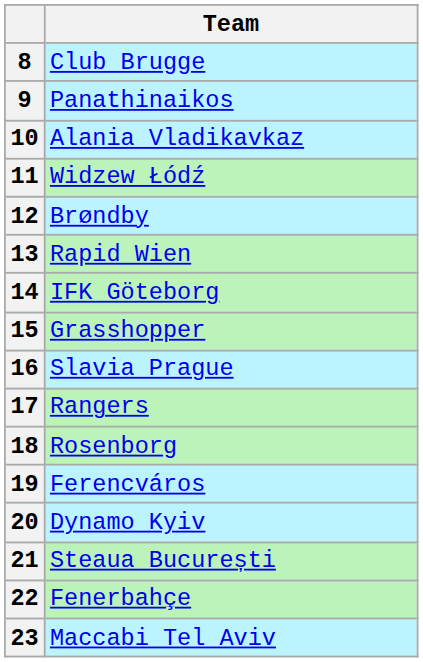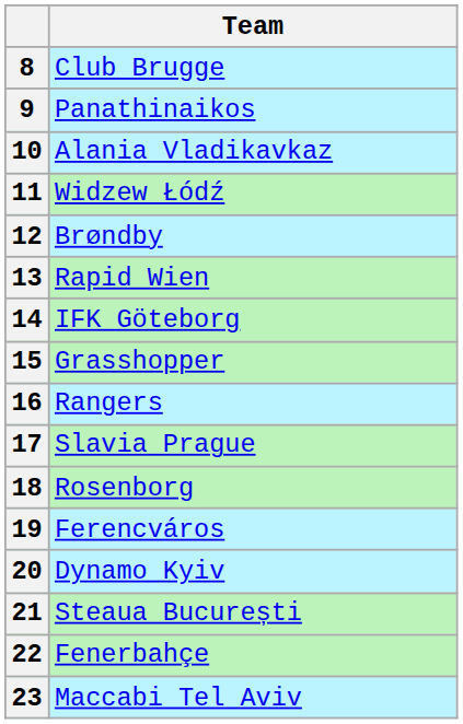 <table class="wikitable">
 <tr>
 <th></th>
 <th width=200>Team</th>
 </tr>
 <tr bgcolor=#BBF3FF>
 <th>8</th>
 <td> <a href='#'>Club Brugge</a></td>
 </tr>
 <tr bgcolor=#BBF3FF>
 <th>9</th>
 <td> <a href='#'>Panathinaikos</a></td>
 </tr>
 <tr bgcolor=#BBF3FF>
 <th>10</th>
 <td> <a href='#'>Alania Vladikavkaz</a></td>
 </tr>
 <tr bgcolor=#BBF3BB>
 <th>11</th>
 <td> <a href='#'>Widzew Łódź</a></td>
 </tr>
 <tr bgcolor=#BBF3FF>
 <th>12</th>
 <td> <a href='#'>Brøndby</a></td>
 </tr>
 <tr bgcolor=#BBF3BB>
 <th>13</th>
 <td> <a href='#'>Rapid Wien</a></td>
 </tr>
 <tr bgcolor=#BBF3BB>
 <th>14</th>
 <td> <a href='#'>IFK Göteborg</a></td>
 </tr>
 <tr bgcolor=#BBF3BB>
 <th>15</th>
 <td> <a href='#'>Grasshopper</a></td>
 </tr>
 <tr bgcolor=#BBF3FF>
 <th>16</th>
-<td> <a href='#'>Slavia Prague</a></td>
+<td> <a href='#'>Rangers</a></td>
 </tr>
 <tr bgcolor=#BBF3BB>
 <th>17</th>
-<td> <a href='#'>Rangers</a></td>
+<td> <a href='#'>Slavia Prague</a></td>
 </tr>
 <tr bgcolor=#BBF3BB>
 <th>18</th>
 <td> <a href='#'>Rosenborg</a></td>
 </tr>
 <tr bgcolor=#BBF3FF>
 <th>19</th>
 <td> <a href='#'>Ferencváros</a></td>
 </tr>
 <tr bgcolor=#BBF3FF>
 <th>20</th>
 <td> <a href='#'>Dynamo Kyiv</a></td>
 </tr>
 <tr bgcolor=#BBF3BB>
 <th>21</th>
 <td> <a href='#'>Steaua București</a></td>
 </tr>
 <tr bgcolor=#BBF3BB>
 <th>22</th>
 <td> <a href='#'>Fenerbahçe</a></td>
 </tr>
 <tr bgcolor=#BBF3FF>
 <th>23</th>
 <td> <a href='#'>Maccabi Tel Aviv</a></td>
 </tr>
 </table>
